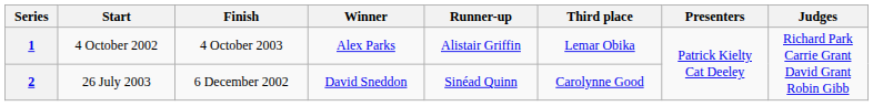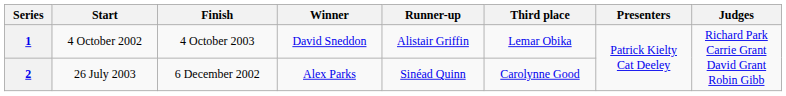 <table class="wikitable" style="text-align:center; width:100%; line-height:17px; font-size:85%;">
 <tr>
 <th scope="col">Series</th>
 <th scope="col">Start</th>
 <th scope="col">Finish</th>
 <th scope="col">Winner</th>
 <th scope="col">Runner-up</th>
 <th scope="col">Third place</th>
 <th scope="col">Presenters</th>
 <th scope="col">Judges</th>
 </tr>
 <tr>
 <th scope="row"><a href='#'>1</a></th>
 <td>4 October 2002</td>
 <td>4 October 2003</td>
-<td><a href='#'>Alex Parks</a></td>
+<td><a href='#'>David Sneddon</a></td>
 <td><a href='#'>Alistair Griffin</a></td>
 <td><a href='#'>Lemar Obika</a></td>
 <td rowspan="2"><a href='#'>Patrick Kielty</a><br><a href='#'>Cat Deeley</a></td>
 <td rowspan="2"><a href='#'>Richard Park</a><br><a href='#'>Carrie Grant</a><br><a href='#'>David Grant</a><br><a href='#'>Robin Gibb</a></td>
 </tr>
 <tr>
 <th scope="row"><a href='#'>2</a></th>
 <td>26 July 2003</td>
 <td>6 December 2002</td>
-<td><a href='#'>David Sneddon</a></td>
+<td><a href='#'>Alex Parks</a></td>
 <td><a href='#'>Sinéad Quinn</a></td>
 <td><a href='#'>Carolynne Good</a></td>
 </tr>
 </table>
